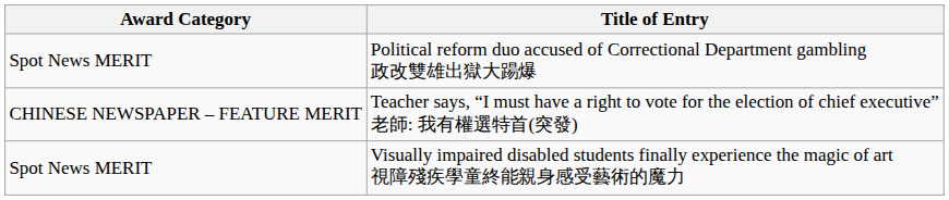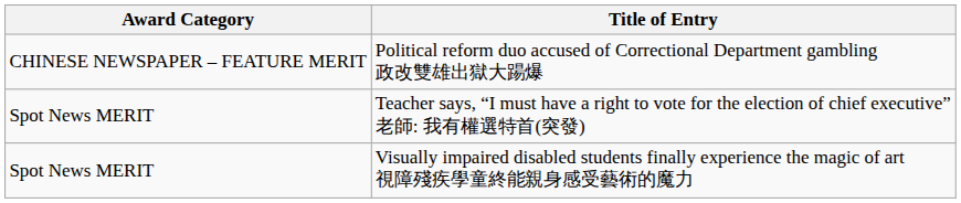 <table class="wikitable">
 <tr>
 <th>Award Category</th>
 <th>Title of Entry</th>
 </tr>
 <tr>
-<td>Spot News MERIT</td>
+<td>CHINESE NEWSPAPER – FEATURE MERIT</td>
 <td>Political reform duo accused of Correctional Department gambling<br>政改雙雄出獄大踼爆</td>
 </tr>
 <tr>
-<td>CHINESE NEWSPAPER – FEATURE MERIT</td>
+<td>Spot News MERIT</td>
 <td>Teacher says, “I must have a right to vote for the election of chief executive”<br>老師: 我有權選特首(突發)</td>
 </tr>
 <tr>
 <td>Spot News MERIT</td>
 <td>Visually impaired disabled students finally experience the magic of art<br>視障殘疾學童終能親身感受藝術的魔力</td>
 </tr>
 </table>
